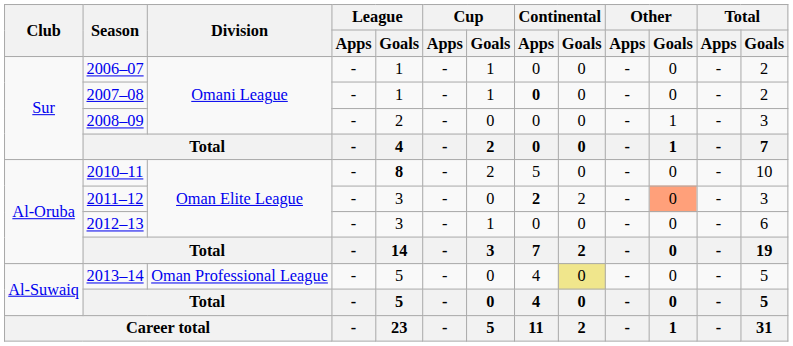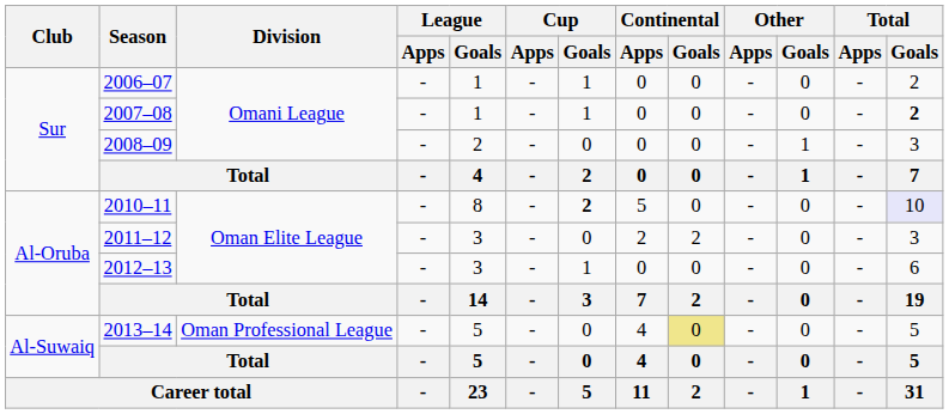 <table class="wikitable" style="text-align: center;">
 <tr>
 <th rowspan="2">Club</th>
 <th rowspan="2">Season</th>
 <th rowspan="2">Division</th>
 <th colspan="2">League</th>
 <th colspan="2">Cup</th>
 <th colspan="2">Continental</th>
 <th colspan="2">Other</th>
 <th colspan="2">Total</th>
 </tr>
 <tr>
 <th>Apps</th>
 <th>Goals</th>
 <th>Apps</th>
 <th>Goals</th>
 <th>Apps</th>
 <th>Goals</th>
 <th>Apps</th>
 <th>Goals</th>
 <th>Apps</th>
 <th>Goals</th>
 </tr>
 <tr>
 <td rowspan="4"><a href='#'>Sur</a></td>
 <td><a href='#'>2006–07</a></td>
 <td rowspan="3"><a href='#'>Omani League</a></td>
 <td>-</td>
 <td>1</td>
 <td>-</td>
 <td>1</td>
 <td>0</td>
 <td>0</td>
 <td>-</td>
 <td>0</td>
 <td>-</td>
 <td>2</td>
 </tr>
 <tr>
 <td><a href='#'>2007–08</a></td>
 <td>-</td>
 <td>1</td>
 <td>-</td>
 <td>1</td>
-<td><strong>0</strong></td>
+<td>0</td>
 <td>0</td>
 <td>-</td>
 <td>0</td>
 <td>-</td>
-<td>2</td>
+<td><strong>2</strong></td>
 </tr>
 <tr>
 <td><a href='#'>2008–09</a></td>
 <td>-</td>
 <td>2</td>
 <td>-</td>
 <td>0</td>
 <td>0</td>
 <td>0</td>
 <td>-</td>
 <td>1</td>
 <td>-</td>
 <td>3</td>
 </tr>
 <tr>
 <th colspan="2">Total</th>
 <th>-</th>
 <th>4</th>
 <th>-</th>
 <th>2</th>
 <th>0</th>
 <th>0</th>
 <th>-</th>
 <th>1</th>
 <th>-</th>
 <th>7</th>
 </tr>
 <tr>
 <td rowspan="4"><a href='#'>Al-Oruba</a></td>
 <td><a href='#'>2010–11</a></td>
 <td rowspan="3"><a href='#'>Oman Elite League</a></td>
 <td>-</td>
-<td><strong>8</strong></td>
+<td>8</td>
 <td>-</td>
-<td>2</td>
+<td><strong>2</strong></td>
 <td>5</td>
 <td>0</td>
 <td>-</td>
 <td>0</td>
 <td>-</td>
-<td>10</td>
+<td style="background: lavender;">10</td>
 </tr>
 <tr>
 <td><a href='#'>2011–12</a></td>
 <td>-</td>
 <td>3</td>
 <td>-</td>
 <td>0</td>
-<td><strong>2</strong></td>
+<td>2</td>
 <td>2</td>
 <td>-</td>
-<td style="background: lightsalmon;">0</td>
+<td>0</td>
 <td>-</td>
 <td>3</td>
 </tr>
 <tr>
 <td><a href='#'>2012–13</a></td>
 <td>-</td>
 <td>3</td>
 <td>-</td>
 <td>1</td>
 <td>0</td>
 <td>0</td>
 <td>-</td>
 <td>0</td>
 <td>-</td>
 <td>6</td>
 </tr>
 <tr>
 <th colspan="2">Total</th>
 <th>-</th>
 <th>14</th>
 <th>-</th>
 <th>3</th>
 <th>7</th>
 <th>2</th>
 <th>-</th>
 <th>0</th>
 <th>-</th>
 <th>19</th>
 </tr>
 <tr>
 <td rowspan="2"><a href='#'>Al-Suwaiq</a></td>
 <td><a href='#'>2013–14</a></td>
 <td rowspan="1"><a href='#'>Oman Professional League</a></td>
 <td>-</td>
 <td>5</td>
 <td>-</td>
 <td>0</td>
 <td>4</td>
 <td style="background: khaki;">0</td>
 <td>-</td>
 <td>0</td>
 <td>-</td>
 <td>5</td>
 </tr>
 <tr>
 <th colspan="2">Total</th>
 <th>-</th>
 <th>5</th>
 <th>-</th>
 <th>0</th>
 <th>4</th>
 <th>0</th>
 <th>-</th>
 <th>0</th>
 <th>-</th>
 <th>5</th>
 </tr>
 <tr>
 <th colspan="3">Career total</th>
 <th>-</th>
 <th>23</th>
 <th>-</th>
 <th>5</th>
 <th>11</th>
 <th>2</th>
 <th>-</th>
 <th>1</th>
 <th>-</th>
 <th>31</th>
 </tr>
 </table>
